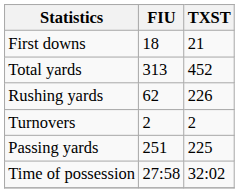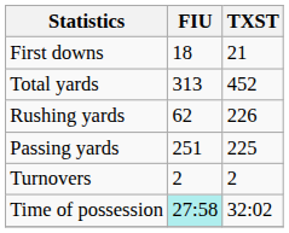 <table class="wikitable">
 <tr>
 <th>Statistics</th>
 <th>FIU</th>
 <th>TXST</th>
 </tr>
 <tr>
 <td>First downs</td>
 <td>18</td>
 <td>21</td>
 </tr>
 <tr>
 <td>Total yards</td>
 <td>313</td>
 <td>452</td>
 </tr>
 <tr>
 <td>Rushing yards</td>
 <td>62</td>
 <td>226</td>
 </tr>
 <tr>
+<td>Passing yards</td>
+<td>251</td>
+<td>225</td>
+</tr>
+<tr>
 <td>Turnovers</td>
 <td>2</td>
 <td>2</td>
 </tr>
 <tr>
-<td>Passing yards</td>
-<td>251</td>
-<td>225</td>
-</tr>
-<tr>
 <td>Time of possession</td>
-<td>27:58</td>
+<td style="background: paleturquoise;">27:58</td>
 <td>32:02</td>
 </tr>
 <tr>
 </tr>
 </table>
